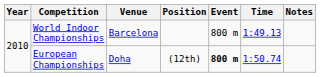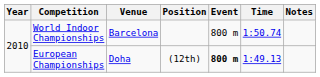 <table class="wikitable" width=50% style="font-size:90%; text-align:center;">
 <tr>
 <th>Year</th>
 <th>Competition</th>
 <th>Venue</th>
 <th>Position</th>
 <th>Event</th>
 <th>Time</th>
 <th>Notes</th>
 </tr>
 <tr>
 <td rowspan=2>2010</td>
 <td align=left><a href='#'>World Indoor Championships</a></td>
 <td align=left> <a href='#'>Barcelona</a></td>
 <td></td>
 <td>800 m</td>
-<td><a href='#'>1:49.13</a></td>
+<td><a href='#'>1:50.74</a></td>
 <td></td>
 </tr>
 <tr>
 <td align=left><a href='#'>European Championships</a></td>
 <td align=left> <a href='#'>Doha</a></td>
 <td> (12th)</td>
 <td><strong>800 m</strong></td>
-<td><a href='#'>1:50.74</a></td>
+<td><a href='#'>1:49.13</a></td>
 <td></td>
 </tr>
 </table>
